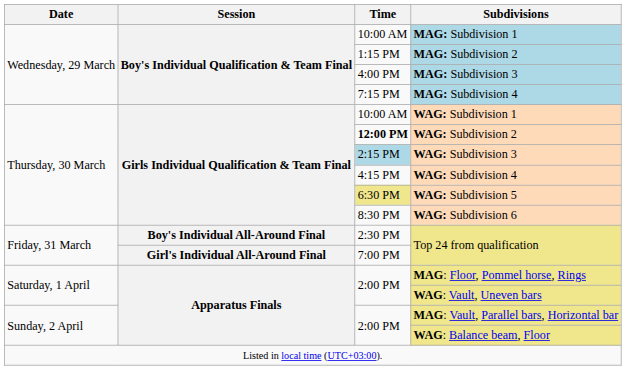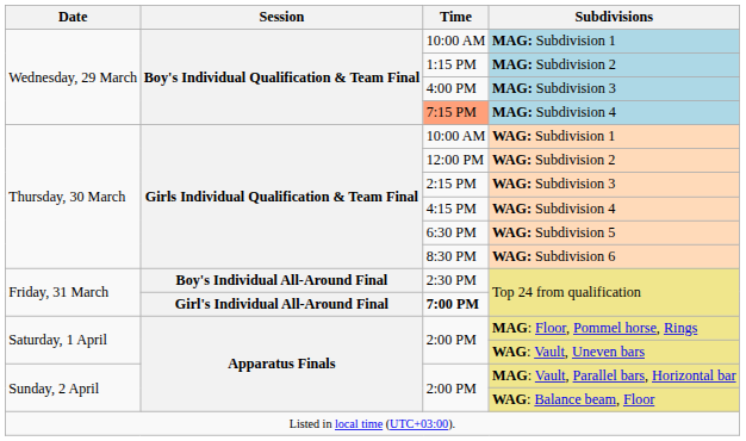 <table class="wikitable" style="text-align:left; font-size:95%;">
 <tr>
 <th>Date</th>
 <th>Session</th>
 <th>Time</th>
 <th>Subdivisions</th>
 </tr>
 <tr>
 <td rowspan=4>Wednesday, 29 March</td>
 <th rowspan=4>Boy's Individual Qualification & Team Final</th>
 <td>10:00 AM</td>
 <td bgcolor="#add8e6"><strong>MAG:</strong> Subdivision 1<br></td>
 </tr>
 <tr>
 <td>1:15 PM</td>
 <td bgcolor="#add8e6"><strong>MAG:</strong> Subdivision 2<br></td>
 </tr>
 <tr>
 <td>4:00 PM</td>
 <td bgcolor="#add8e6"><strong>MAG:</strong> Subdivision 3<br></td>
 </tr>
 <tr>
-<td>7:15 PM</td>
+<td style="background: lightsalmon;">7:15 PM</td>
 <td bgcolor="#add8e6"><strong>MAG:</strong> Subdivision 4<br></td>
 </tr>
 <tr>
 <td rowspan=6>Thursday, 30 March</td>
 <th rowspan=6>Girls Individual Qualification & Team Final</th>
 <td>10:00 AM</td>
 <td bgcolor="#ffdab9"><strong>WAG:</strong> Subdivision 1<br></td>
 </tr>
 <tr>
-<td><strong>12:00 PM</strong></td>
+<td>12:00 PM</td>
 <td bgcolor="#ffdab9"><strong>WAG:</strong> Subdivision 2<br></td>
 </tr>
 <tr>
-<td style="background: lightblue;">2:15 PM</td>
+<td>2:15 PM</td>
 <td bgcolor="#ffdab9"><strong>WAG:</strong> Subdivision 3<br></td>
 </tr>
 <tr>
 <td>4:15 PM</td>
 <td bgcolor="#ffdab9"><strong>WAG:</strong> Subdivision 4<br></td>
 </tr>
 <tr>
-<td style="background: khaki;">6:30 PM</td>
+<td>6:30 PM</td>
 <td bgcolor="#ffdab9"><strong>WAG:</strong> Subdivision 5<br></td>
 </tr>
 <tr>
 <td>8:30 PM</td>
 <td bgcolor="#ffdab9"><strong>WAG:</strong> Subdivision 6<br></td>
 </tr>
 <tr>
 <td rowspan="2">Friday, 31 March</td>
 <th bgcolor="#f0e68c">Boy's Individual All-Around Final</th>
 <td>2:30 PM</td>
 <td rowspan=2 bgcolor="#f0e68c">Top 24 from qualification</td>
 </tr>
 <tr>
 <th bgcolor="#f0e68c">Girl's Individual All-Around Final</th>
-<td>7:00 PM</td>
+<td><strong>7:00 PM</strong></td>
 </tr>
 <tr>
 <td rowspan=2>Saturday, 1 April</td>
 <th rowspan=4 bgcolor="#f0e68c">Apparatus Finals</th>
 <td rowspan=2>2:00 PM</td>
 <td bgcolor="#f0e68c"><strong>MAG</strong>: <a href='#'>Floor</a>, <a href='#'>Pommel horse</a>, <a href='#'>Rings</a></td>
 </tr>
 <tr>
 <td bgcolor="#f0e68c"><strong>WAG</strong>: <a href='#'>Vault</a>, <a href='#'>Uneven bars</a></td>
 </tr>
 <tr>
 <td rowspan=2>Sunday, 2 April</td>
 <td rowspan=2>2:00 PM</td>
 <td bgcolor="#f0e68c"><strong>MAG</strong>: <a href='#'>Vault</a>, <a href='#'>Parallel bars</a>, <a href='#'>Horizontal bar</a></td>
 </tr>
 <tr>
 <td bgcolor="#f0e68c"><strong>WAG</strong>: <a href='#'>Balance beam</a>, <a href='#'>Floor</a></td>
 </tr>
 <tr>
 <td colspan=4 align=center><small> Listed in <a href='#'>local time</a> (<a href='#'>UTC+03:00</a>).</small></td>
 </tr>
 </table>
